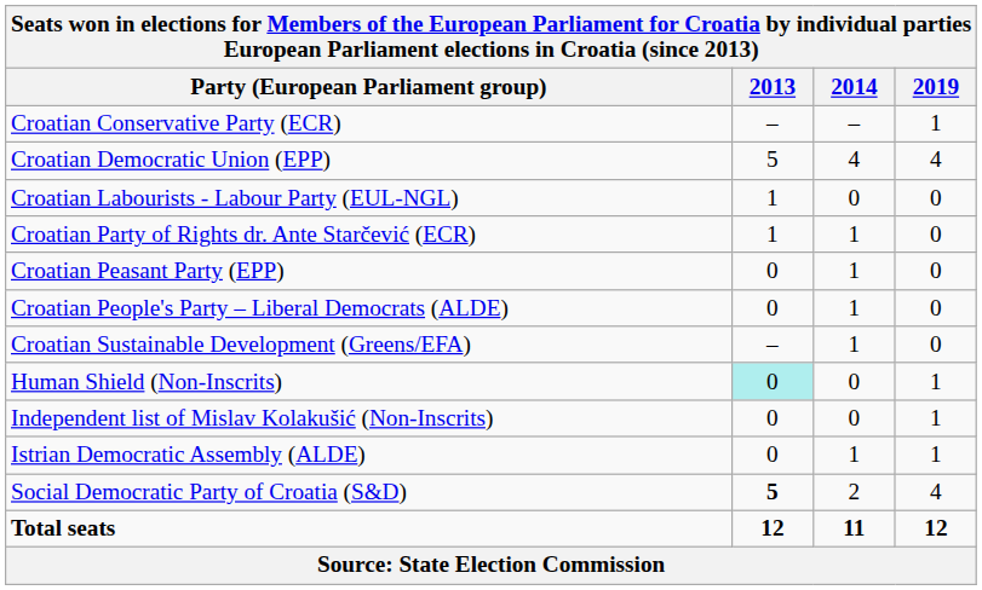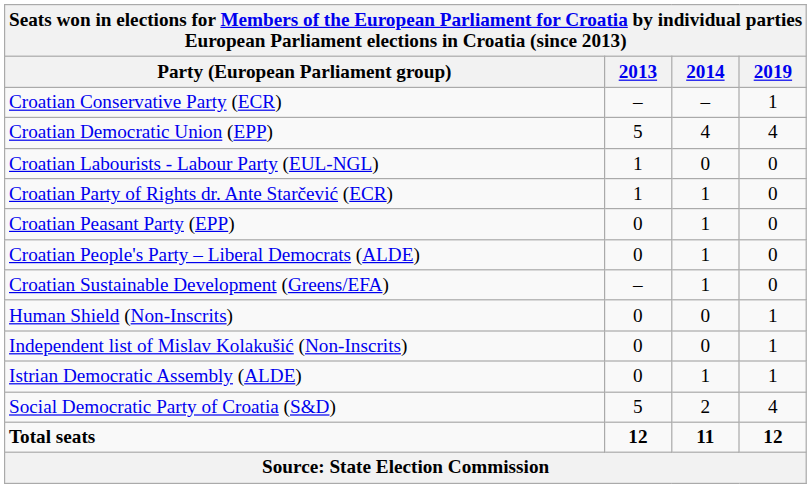 <table class="wikitable sortable">
 <tr>
 <th colspan=4>Seats won in elections for <a href='#'>Members of the European Parliament for Croatia</a> by individual parties<br>European Parliament elections in Croatia (since 2013)</th>
 </tr>
 <tr>
 <th>Party (European Parliament group)</th>
 <th><a href='#'>2013</a></th>
 <th><a href='#'>2014</a></th>
 <th><a href='#'>2019</a></th>
 </tr>
 <tr align=center>
 <td align=left><a href='#'>Croatian Conservative Party</a> (<a href='#'>ECR</a>)</td>
 <td>–</td>
 <td>–</td>
 <td>1</td>
 </tr>
 <tr align=center>
 <td align=left><a href='#'>Croatian Democratic Union</a> (<a href='#'>EPP</a>)</td>
 <td>5</td>
 <td>4</td>
 <td>4</td>
 </tr>
 <tr align=center>
 <td align=left><a href='#'>Croatian Labourists - Labour Party</a> (<a href='#'>EUL-NGL</a>)</td>
 <td>1</td>
 <td>0</td>
 <td>0</td>
 </tr>
 <tr align=center>
 <td align=left><a href='#'>Croatian Party of Rights dr. Ante Starčević</a> (<a href='#'>ECR</a>)</td>
 <td>1</td>
 <td>1</td>
 <td>0</td>
 </tr>
 <tr align=center>
 <td align=left><a href='#'>Croatian Peasant Party</a> (<a href='#'>EPP</a>)</td>
 <td>0</td>
 <td>1</td>
 <td>0</td>
 </tr>
 <tr align=center>
 <td align=left><a href='#'>Croatian People's Party – Liberal Democrats</a> (<a href='#'>ALDE</a>)</td>
 <td>0</td>
 <td>1</td>
 <td>0</td>
 </tr>
 <tr align=center>
 <td align=left><a href='#'>Croatian Sustainable Development</a> (<a href='#'>Greens/EFA</a>)</td>
 <td>–</td>
 <td>1</td>
 <td>0</td>
 </tr>
 <tr align=center>
 <td align=left><a href='#'>Human Shield</a> (<a href='#'>Non-Inscrits</a>)</td>
-<td style="background: paleturquoise;">0</td>
+<td>0</td>
 <td>0</td>
 <td>1</td>
 </tr>
 <tr align=center>
 <td align=left><a href='#'>Independent list of Mislav Kolakušić</a> (<a href='#'>Non-Inscrits</a>)</td>
 <td>0</td>
 <td>0</td>
 <td>1</td>
 </tr>
 <tr align=center>
 <td align=left><a href='#'>Istrian Democratic Assembly</a> (<a href='#'>ALDE</a>)</td>
 <td>0</td>
 <td>1</td>
 <td>1</td>
 </tr>
 <tr align=center>
 <td align=left><a href='#'>Social Democratic Party of Croatia</a> (<a href='#'>S&D</a>)</td>
-<td><strong>5</strong></td>
+<td>5</td>
 <td>2</td>
 <td>4</td>
 </tr>
 <tr align=center>
 <td align=left><strong>Total seats</strong></td>
 <td><strong>12</strong></td>
 <td><strong>11</strong></td>
 <td><strong>12</strong></td>
 </tr>
 <tr>
 <th colspan=8>Source: State Election Commission</th>
 </tr>
 </table>
